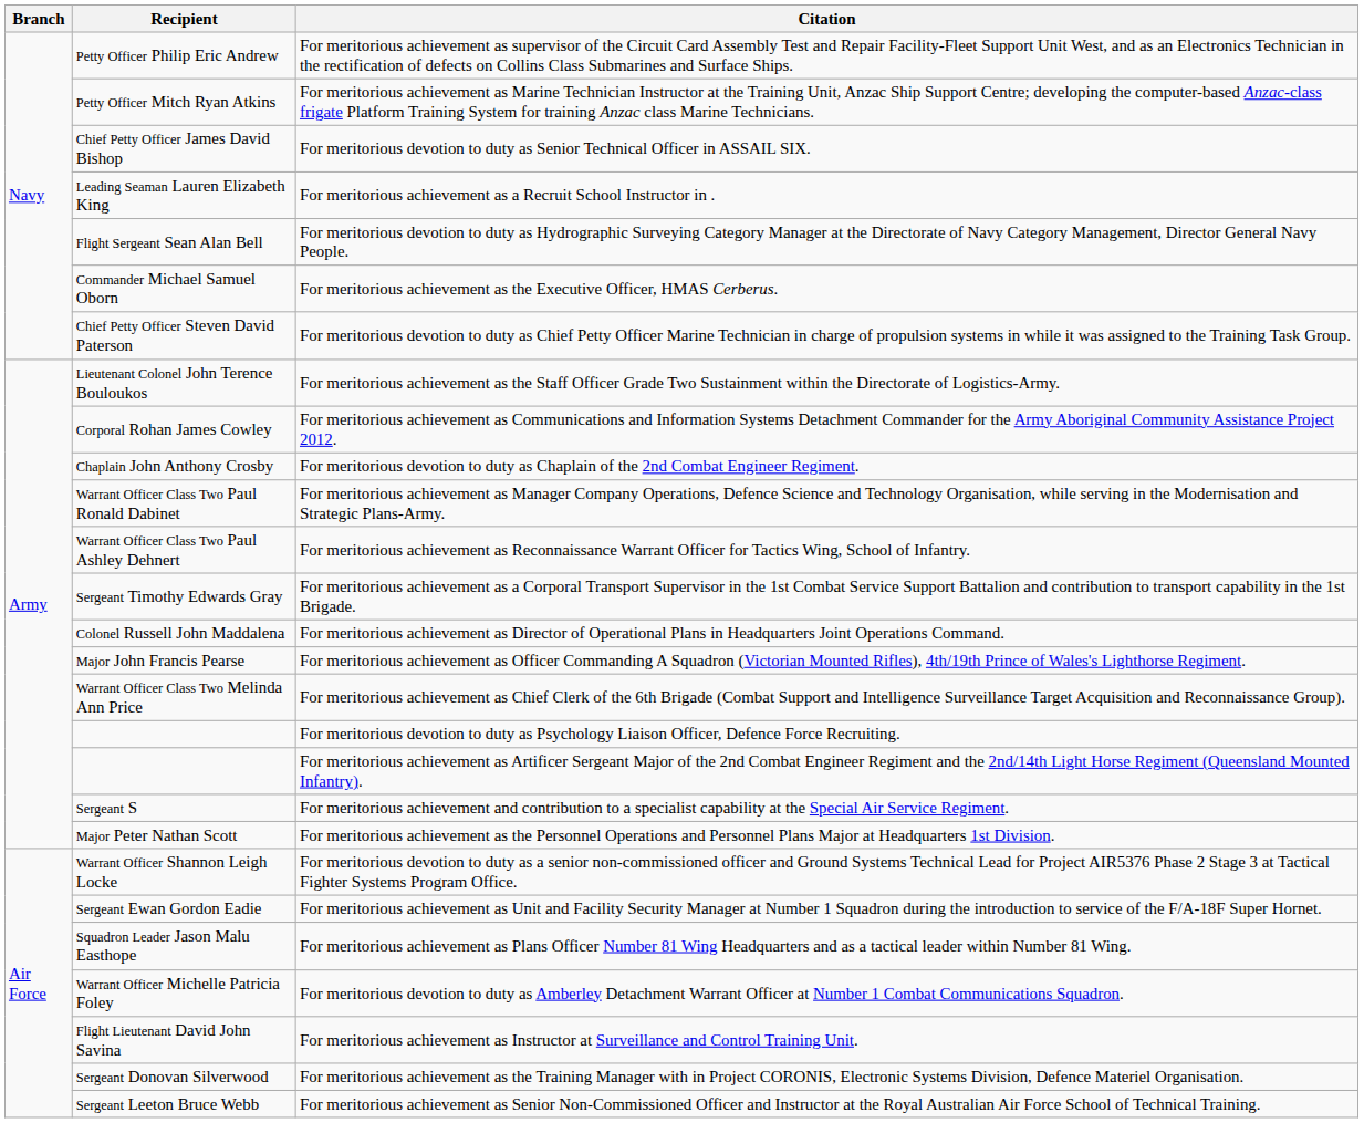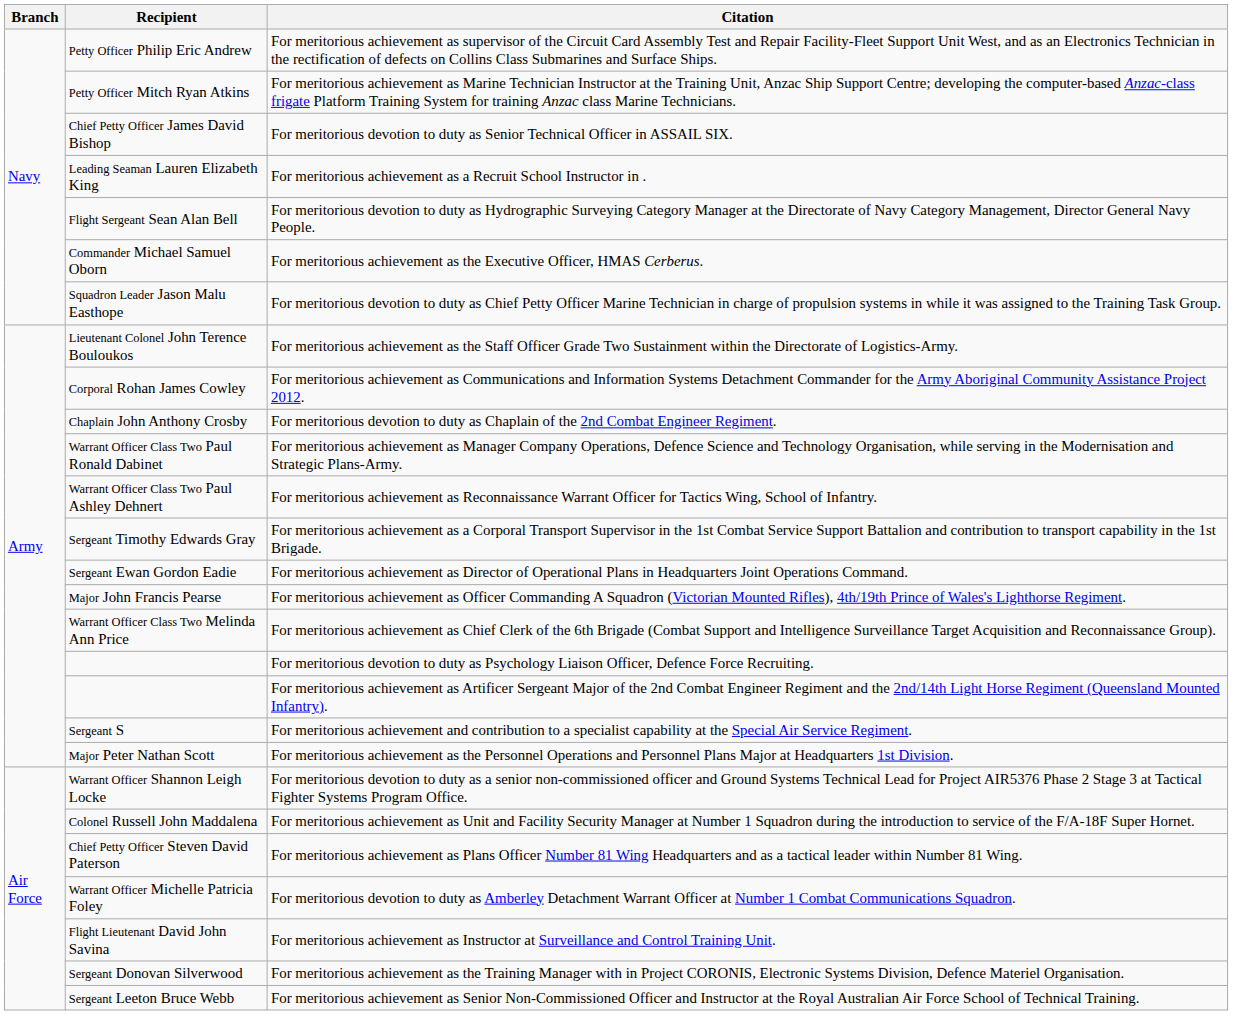 <table class="wikitable" style="font-size:95%;">
 <tr>
 <th>Branch</th>
 <th>Recipient</th>
 <th>Citation</th>
 </tr>
 <tr>
 <td rowspan="7"><a href='#'>Navy</a></td>
 <td><small>Petty Officer</small> Philip Eric Andrew</td>
 <td>For meritorious achievement as supervisor of the Circuit Card Assembly Test and Repair Facility-Fleet Support Unit West, and as an Electronics Technician in the rectification of defects on Collins Class Submarines and Surface Ships.</td>
 </tr>
 <tr>
 <td><small>Petty Officer</small> Mitch Ryan Atkins</td>
 <td>For meritorious achievement as Marine Technician Instructor at the Training Unit, Anzac Ship Support Centre; developing the computer-based <a href='#'><em>Anzac</em>-class frigate</a> Platform Training System for training <em>Anzac</em> class Marine Technicians.</td>
 </tr>
 <tr>
 <td><small>Chief Petty Officer</small> James David Bishop</td>
 <td>For meritorious devotion to duty as Senior Technical Officer in ASSAIL SIX.</td>
 </tr>
 <tr>
 <td><small>Leading Seaman</small> Lauren Elizabeth King</td>
 <td>For meritorious achievement as a Recruit School Instructor in .</td>
 </tr>
 <tr>
 <td><small>Flight Sergeant</small> Sean Alan Bell</td>
 <td>For meritorious devotion to duty as Hydrographic Surveying Category Manager at the Directorate of Navy Category Management, Director General Navy People.</td>
 </tr>
 <tr>
 <td><small>Commander</small> Michael Samuel Oborn </td>
 <td>For meritorious achievement as the Executive Officer, HMAS <em>Cerberus</em>.</td>
 </tr>
 <tr>
-<td><small>Chief Petty Officer</small> Steven David Paterson</td>
+<td><small>Squadron Leader</small> Jason Malu Easthope</td>
 <td>For meritorious devotion to duty as Chief Petty Officer Marine Technician in charge of propulsion systems in  while it was assigned to the Training Task Group.</td>
 </tr>
 <tr>
 <td rowspan="13"><a href='#'>Army</a></td>
 <td><small>Lieutenant Colonel</small> John Terence Bouloukos</td>
 <td>For meritorious achievement as the Staff Officer Grade Two Sustainment within the Directorate of Logistics-Army.</td>
 </tr>
 <tr>
 <td><small>Corporal</small> Rohan James Cowley</td>
 <td>For meritorious achievement as Communications and Information Systems Detachment Commander for the <a href='#'>Army Aboriginal Community Assistance Project 2012</a>.</td>
 </tr>
 <tr>
 <td><small>Chaplain</small> John Anthony Crosby</td>
 <td>For meritorious devotion to duty as Chaplain of the <a href='#'>2nd Combat Engineer Regiment</a>.</td>
 </tr>
 <tr>
 <td><small>Warrant Officer Class Two</small> Paul Ronald Dabinet</td>
 <td>For meritorious achievement as Manager Company Operations, Defence Science and Technology Organisation, while serving in the Modernisation and Strategic Plans-Army.</td>
 </tr>
 <tr>
 <td><small>Warrant Officer Class Two</small> Paul Ashley Dehnert</td>
 <td>For meritorious achievement as Reconnaissance Warrant Officer for Tactics Wing, School of Infantry.</td>
 </tr>
 <tr>
 <td><small>Sergeant</small> Timothy Edwards Gray</td>
 <td>For meritorious achievement as a Corporal Transport Supervisor in the 1st Combat Service Support Battalion and contribution to transport capability in the 1st Brigade.</td>
 </tr>
 <tr>
-<td><small>Colonel</small> Russell John Maddalena</td>
+<td><small>Sergeant</small> Ewan Gordon Eadie</td>
 <td>For meritorious achievement as Director of Operational Plans in Headquarters Joint Operations Command.</td>
 </tr>
 <tr>
 <td><small>Major</small> John Francis Pearse</td>
 <td>For meritorious achievement as Officer Commanding A Squadron (<a href='#'>Victorian Mounted Rifles</a>), <a href='#'>4th/19th Prince of Wales's Lighthorse Regiment</a>.</td>
 </tr>
 <tr>
 <td><small>Warrant Officer Class Two</small> Melinda Ann Price</td>
 <td>For meritorious achievement as Chief Clerk of the 6th Brigade (Combat Support and Intelligence Surveillance Target Acquisition and Reconnaissance Group).</td>
 </tr>
 <tr>
 <td></td>
 <td>For meritorious devotion to duty as Psychology Liaison Officer, Defence Force Recruiting.</td>
 </tr>
 <tr>
 <td></td>
 <td>For meritorious achievement as Artificer Sergeant Major of the 2nd Combat Engineer Regiment and the <a href='#'>2nd/14th Light Horse Regiment (Queensland Mounted Infantry)</a>.</td>
 </tr>
 <tr>
 <td><small>Sergeant</small> S</td>
 <td>For meritorious achievement and contribution to a specialist capability at the <a href='#'>Special Air Service Regiment</a>.</td>
 </tr>
 <tr>
 <td><small>Major</small> Peter Nathan Scott</td>
 <td>For meritorious achievement as the Personnel Operations and Personnel Plans Major at Headquarters <a href='#'>1st Division</a>.</td>
 </tr>
 <tr>
 <td rowspan="7"><a href='#'>Air Force</a></td>
 <td><small>Warrant Officer</small> Shannon Leigh Locke</td>
 <td>For meritorious devotion to duty as a senior non-commissioned officer and Ground Systems Technical Lead for Project AIR5376 Phase 2 Stage 3 at Tactical Fighter Systems Program Office.</td>
 </tr>
 <tr>
-<td><small>Sergeant</small> Ewan Gordon Eadie</td>
+<td><small>Colonel</small> Russell John Maddalena</td>
 <td>For meritorious achievement as Unit and Facility Security Manager at Number 1 Squadron during the introduction to service of the F/A-18F Super Hornet.</td>
 </tr>
 <tr>
-<td><small>Squadron Leader</small> Jason Malu Easthope</td>
+<td><small>Chief Petty Officer</small> Steven David Paterson</td>
 <td>For meritorious achievement as Plans Officer <a href='#'>Number 81 Wing</a> Headquarters and as a tactical leader within Number 81 Wing.</td>
 </tr>
 <tr>
 <td><small>Warrant Officer</small> Michelle Patricia Foley</td>
 <td>For meritorious devotion to duty as <a href='#'>Amberley</a> Detachment Warrant Officer at <a href='#'>Number 1 Combat Communications Squadron</a>.</td>
 </tr>
 <tr>
 <td><small>Flight Lieutenant</small> David John Savina</td>
 <td>For meritorious achievement as Instructor at <a href='#'>Surveillance and Control Training Unit</a>.</td>
 </tr>
 <tr>
 <td><small>Sergeant</small> Donovan Silverwood</td>
 <td>For meritorious achievement as the Training Manager with in Project CORONIS, Electronic Systems Division, Defence Materiel Organisation.</td>
 </tr>
 <tr>
 <td><small>Sergeant</small> Leeton Bruce Webb</td>
 <td>For meritorious achievement as Senior Non-Commissioned Officer and Instructor at the Royal Australian Air Force School of Technical Training.</td>
 </tr>
 </table>
